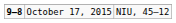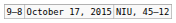 <table class="wikitable">
 <tr align="center">
 </tr>
 <tr align="center">
-<td><strong>9–8</strong></td>
+<td>9–8</td>
 <td>October 17, 2015</td>
 <td>NIU, 45–12</td>
 </tr>
 </table>
